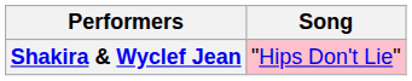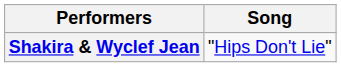 <table class="wikitable unsortable" style="text-align:center;">
 <tr>
 <th scope="col">Performers</th>
 <th scope="col">Song</th>
 </tr>
 <tr>
 <th scope="row"><a href='#'>Shakira</a> & <a href='#'>Wyclef Jean</a></th>
-<td style="background: pink;">"<a href='#'>Hips Don't Lie</a>"</td>
+<td>"<a href='#'>Hips Don't Lie</a>"</td>
 </tr>
 </table>
